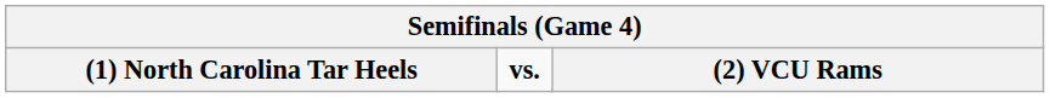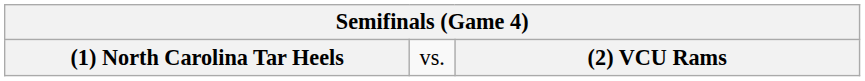 <table class="wikitable">
 <tr>
 <th style="width: 594px;" colspan=3>Semifinals (Game 4)</th>
 </tr>
 <tr>
 <th style="width: 284px; ">(1) North Carolina Tar Heels</th>
-<td style="width: 25px; text-align:center"><strong>vs.</strong></td>
+<td style="width: 25px; text-align:center">vs.</td>
 <th style="width: 284px; ">(2) VCU Rams</th>
 </tr>
 </table>
